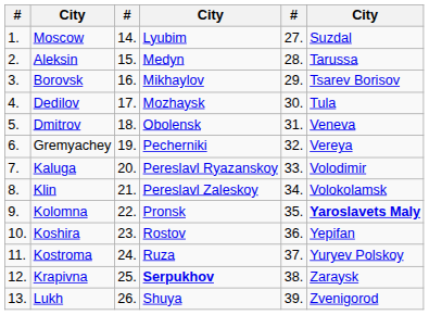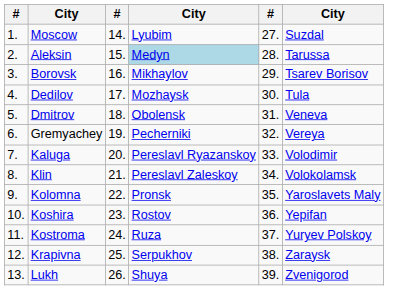 <table class="wikitable">
 <tr>
 <th>#</th>
 <th>City</th>
 <th>#</th>
 <th>City</th>
 <th>#</th>
 <th>City</th>
 </tr>
 <tr>
 <td>1.</td>
 <td><a href='#'>Moscow</a></td>
 <td>14.</td>
 <td><a href='#'>Lyubim</a></td>
 <td>27.</td>
 <td><a href='#'>Suzdal</a></td>
 </tr>
 <tr>
 <td>2.</td>
 <td><a href='#'>Aleksin</a></td>
 <td>15.</td>
-<td><a href='#'>Medyn</a></td>
+<td style="background: lightblue;"><a href='#'>Medyn</a></td>
 <td>28.</td>
 <td><a href='#'>Tarussa</a></td>
 </tr>
 <tr>
 <td>3.</td>
 <td><a href='#'>Borovsk</a></td>
 <td>16.</td>
 <td><a href='#'>Mikhaylov</a></td>
 <td>29.</td>
 <td><a href='#'>Tsarev Borisov</a></td>
 </tr>
 <tr>
 <td>4.</td>
 <td><a href='#'>Dedilov</a></td>
 <td>17.</td>
 <td><a href='#'>Mozhaysk</a></td>
 <td>30.</td>
 <td><a href='#'>Tula</a></td>
 </tr>
 <tr>
 <td>5.</td>
 <td><a href='#'>Dmitrov</a></td>
 <td>18.</td>
 <td><a href='#'>Obolensk</a></td>
 <td>31.</td>
 <td><a href='#'>Veneva</a></td>
 </tr>
 <tr>
 <td>6.</td>
 <td>Gremyachey</td>
 <td>19.</td>
 <td><a href='#'>Pecherniki</a></td>
 <td>32.</td>
 <td><a href='#'>Vereya</a></td>
 </tr>
 <tr>
 <td>7.</td>
 <td><a href='#'>Kaluga</a></td>
 <td>20.</td>
 <td><a href='#'>Pereslavl Ryazanskoy</a></td>
 <td>33.</td>
 <td><a href='#'>Volodimir</a></td>
 </tr>
 <tr>
 <td>8.</td>
 <td><a href='#'>Klin</a></td>
 <td>21.</td>
 <td><a href='#'>Pereslavl Zaleskoy</a></td>
 <td>34.</td>
 <td><a href='#'>Volokolamsk</a></td>
 </tr>
 <tr>
 <td>9.</td>
 <td><a href='#'>Kolomna</a></td>
 <td>22.</td>
 <td><a href='#'>Pronsk</a></td>
 <td>35.</td>
-<td><strong><a href='#'>Yaroslavets Maly</a></strong></td>
+<td><a href='#'>Yaroslavets Maly</a></td>
 </tr>
 <tr>
 <td>10.</td>
 <td><a href='#'>Koshira</a></td>
 <td>23.</td>
 <td><a href='#'>Rostov</a></td>
 <td>36.</td>
 <td><a href='#'>Yepifan</a></td>
 </tr>
 <tr>
 <td>11.</td>
 <td><a href='#'>Kostroma</a></td>
 <td>24.</td>
 <td><a href='#'>Ruza</a></td>
 <td>37.</td>
 <td><a href='#'>Yuryev Polskoy</a></td>
 </tr>
 <tr>
 <td>12.</td>
 <td><a href='#'>Krapivna</a></td>
 <td>25.</td>
-<td><strong><a href='#'>Serpukhov</a></strong></td>
+<td><a href='#'>Serpukhov</a></td>
 <td>38.</td>
 <td><a href='#'>Zaraysk</a></td>
 </tr>
 <tr>
 <td>13.</td>
 <td><a href='#'>Lukh</a></td>
 <td>26.</td>
 <td><a href='#'>Shuya</a></td>
 <td>39.</td>
 <td><a href='#'>Zvenigorod</a></td>
 </tr>
 </table>
